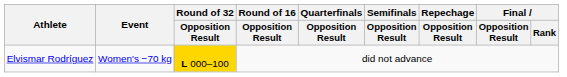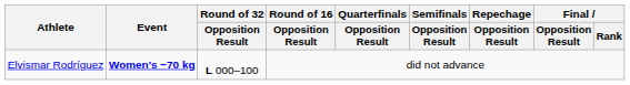 <table class="wikitable" style="font-size:90%">
 <tr>
 <th rowspan="2">Athlete</th>
 <th rowspan="2">Event</th>
 <th>Round of 32</th>
 <th>Round of 16</th>
 <th>Quarterfinals</th>
 <th>Semifinals</th>
 <th>Repechage</th>
 <th colspan=2>Final / </th>
 </tr>
 <tr style="font-size:95%">
 <th>Opposition<br>Result</th>
 <th>Opposition<br>Result</th>
 <th>Opposition<br>Result</th>
 <th>Opposition<br>Result</th>
 <th>Opposition<br>Result</th>
 <th>Opposition<br>Result</th>
 <th>Rank</th>
 </tr>
 <tr align=center>
 <td align=left><a href='#'>Elvismar Rodríguez</a></td>
-<td align=left><a href='#'>Women's −70 kg</a></td>
-<td style="background: gold;"><br><strong>L</strong> 000–100</td>
+<td align=left><strong><a href='#'>Women's −70 kg</a></strong></td>
+<td><br><strong>L</strong> 000–100</td>
 <td colspan=6>did not advance</td>
 </tr>
 </table>
